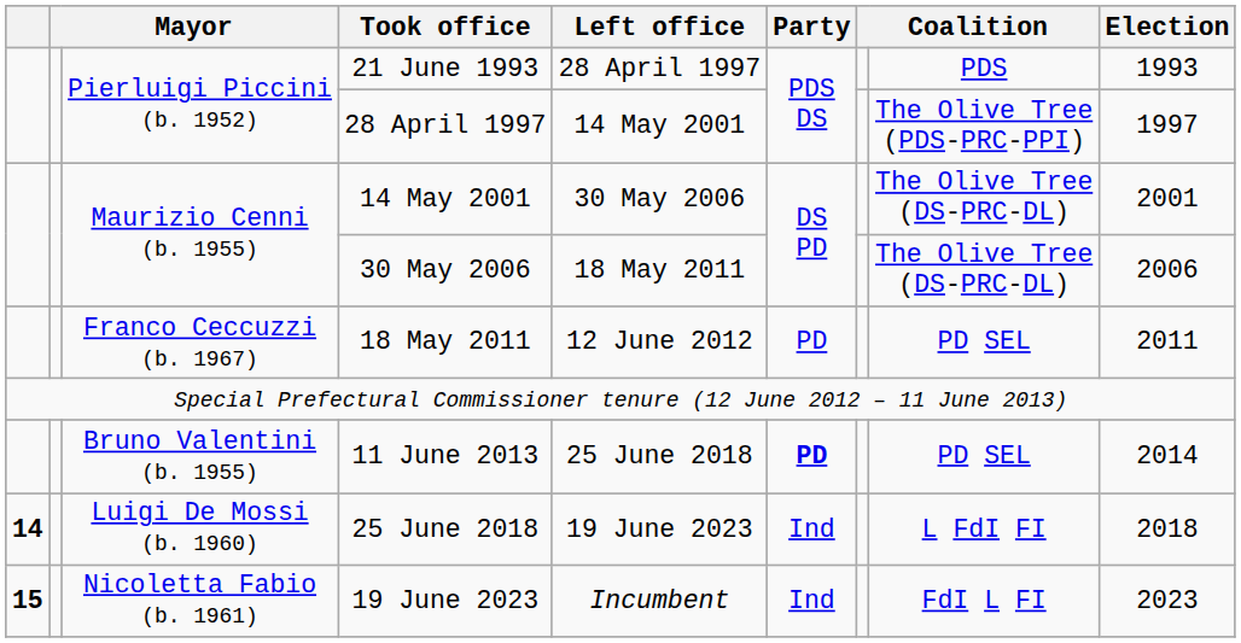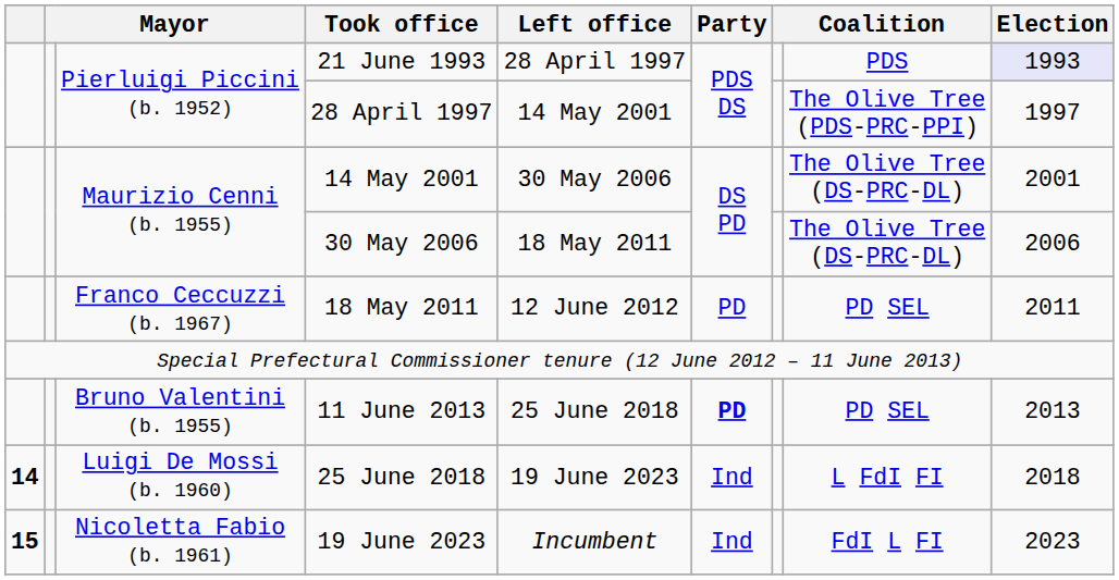 <table class="wikitable" style="text-align: center;">
 <tr>
 <th><br></th>
 <th colspan="2">Mayor</th>
 <th>Took office</th>
 <th>Left office</th>
 <th>Party</th>
 <th colspan="2">Coalition</th>
 <th>Election</th>
 </tr>
 <tr>
 <td rowspan="2" style="background: "><strong></strong></td>
 <td rowspan="2"></td>
 <td rowspan="2"><a href='#'>Pierluigi Piccini</a><br><small>(b. 1952)</small></td>
 <td>21 June 1993</td>
 <td>28 April 1997</td>
 <td rowspan="2"><a href='#'>PDS</a><br><a href='#'>DS</a></td>
 <td style="background: "></td>
 <td><a href='#'>PDS</a></td>
-<td>1993</td>
+<td style="background: lavender;">1993</td>
 </tr>
 <tr>
 <td>28 April 1997</td>
 <td>14 May 2001</td>
 <td style="background: "></td>
 <td><a href='#'>The Olive Tree</a><br>(<a href='#'>PDS</a>-<a href='#'>PRC</a>-<a href='#'>PPI</a>)</td>
 <td>1997</td>
 </tr>
 <tr>
 <td rowspan="2" style="background: "><strong></strong></td>
 <td rowspan="2"></td>
 <td rowspan="2"><a href='#'>Maurizio Cenni</a><br><small>(b. 1955)</small></td>
 <td>14 May 2001</td>
 <td>30 May 2006</td>
 <td rowspan="2"><a href='#'>DS</a><br><a href='#'>PD</a></td>
 <td style="background: "></td>
 <td><a href='#'>The Olive Tree</a><br>(<a href='#'>DS</a>-<a href='#'>PRC</a>-<a href='#'>DL</a>)</td>
 <td>2001</td>
 </tr>
 <tr>
 <td>30 May 2006</td>
 <td>18 May 2011</td>
 <td style="background: "></td>
 <td><a href='#'>The Olive Tree</a><br>(<a href='#'>DS</a>-<a href='#'>PRC</a>-<a href='#'>DL</a>)</td>
 <td>2006</td>
 </tr>
 <tr>
 <td rowspan="1" style="background: "><strong></strong></td>
 <td rowspan="1"></td>
 <td rowspan="1"><a href='#'>Franco Ceccuzzi</a><br><small>(b. 1967)</small></td>
 <td rowspan="1">18 May 2011</td>
 <td rowspan="1">12 June 2012</td>
 <td rowspan="1"><a href='#'>PD</a></td>
 <td style="background: "></td>
 <td><a href='#'>PD</a>  <a href='#'>SEL</a></td>
 <td>2011</td>
 </tr>
 <tr>
 <td colspan="9"><small><em>Special Prefectural Commissioner tenure (12 June 2012 – 11 June 2013)</em></small></td>
 </tr>
 <tr>
 <td rowspan="1" style="background: "><strong></strong></td>
 <td rowspan="1"></td>
 <td rowspan="1"><a href='#'>Bruno Valentini</a><br><small>(b. 1955)</small></td>
 <td rowspan="1">11 June 2013</td>
 <td rowspan="1">25 June 2018</td>
 <td rowspan="1"><strong><a href='#'>PD</a></strong></td>
 <td style="background: "></td>
 <td><a href='#'>PD</a>  <a href='#'>SEL</a></td>
-<td>2014</td>
+<td>2013</td>
 </tr>
 <tr>
 <td style="background: "><strong>14</strong></td>
 <td></td>
 <td><a href='#'>Luigi De Mossi</a><br><small>(b. 1960)</small></td>
 <td>25 June 2018</td>
 <td>19 June 2023</td>
 <td><a href='#'>Ind</a></td>
 <td style="background: "></td>
 <td><a href='#'>L</a>  <a href='#'>FdI</a>  <a href='#'>FI</a></td>
 <td>2018</td>
 </tr>
 <tr>
 <td style="background: "><strong>15</strong></td>
 <td></td>
 <td><a href='#'>Nicoletta Fabio</a><br><small>(b. 1961)</small></td>
 <td>19 June 2023</td>
 <td><em>Incumbent</em></td>
 <td><a href='#'>Ind</a></td>
 <td style="background: "></td>
 <td><a href='#'>FdI</a>  <a href='#'>L</a>  <a href='#'>FI</a></td>
 <td>2023</td>
 </tr>
 </table>
